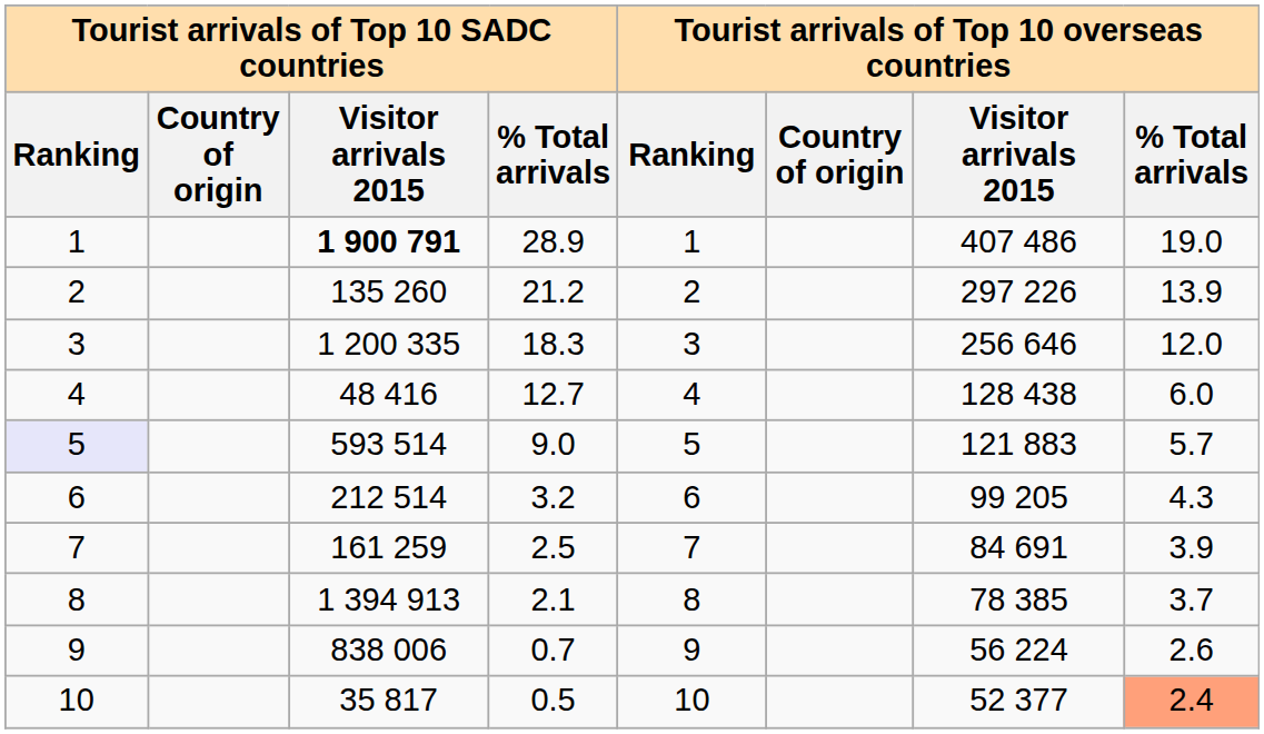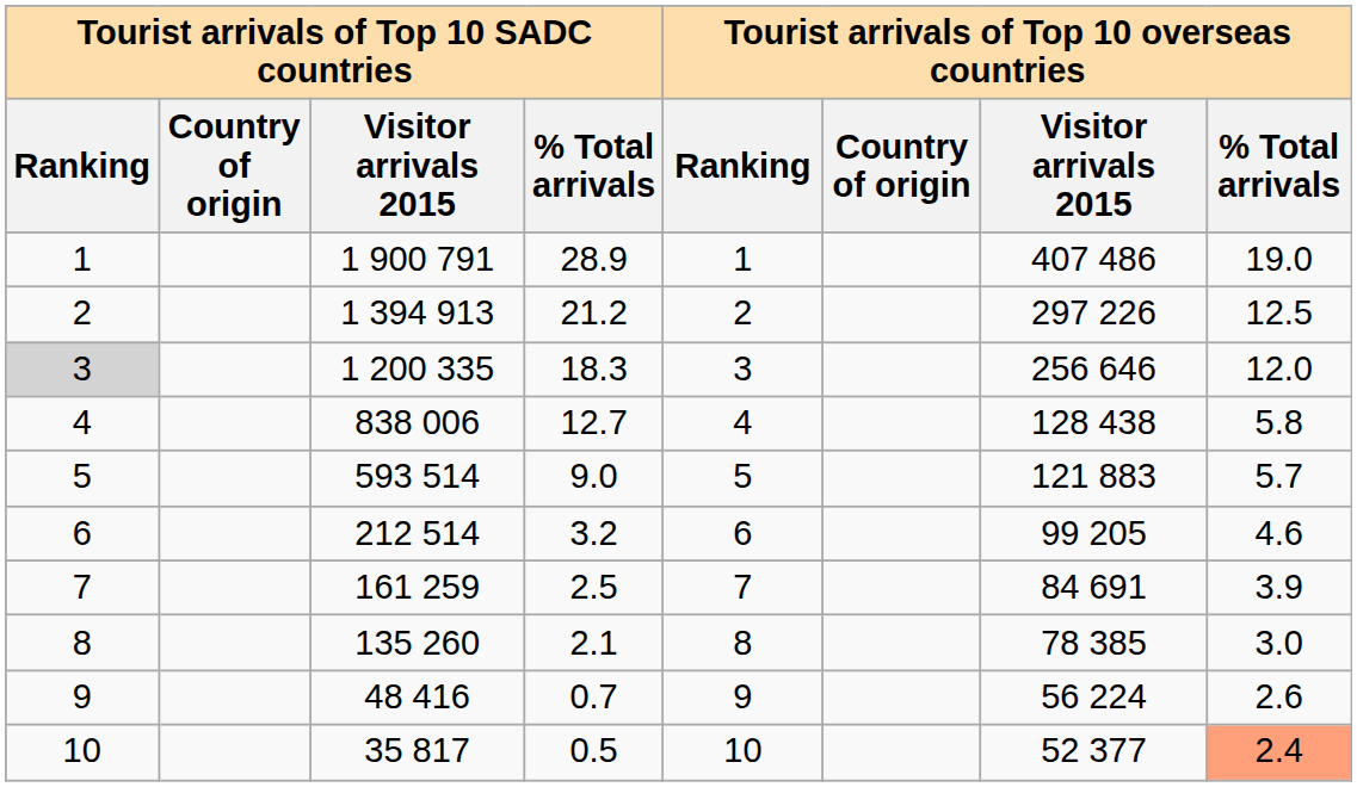 <table class="wikitable" style="margin: 1em auto 1em auto">
 <tr>
 <th colspan="4" align=center style="background-color: #ffdead;">Tourist arrivals of Top 10 SADC countries</th>
 <th colspan="4" align=center style="background-color: #ffdead;">Tourist arrivals of Top 10 overseas countries</th>
 </tr>
 <tr>
 <th>Ranking</th>
 <th>Country<br>of origin</th>
 <th>Visitor arrivals<br>2015</th>
 <th>% Total<br>arrivals</th>
 <th>Ranking</th>
 <th>Country<br>of origin</th>
 <th>Visitor arrivals<br>2015</th>
 <th>% Total<br>arrivals</th>
 </tr>
 <tr align=center>
 <td>1</td>
 <td align=left></td>
-<td><strong>1 900 791</strong></td>
+<td>1 900 791</td>
 <td>28.9</td>
 <td>1</td>
 <td align=left></td>
 <td>407 486</td>
 <td>19.0</td>
 </tr>
 <tr align=center>
 <td>2</td>
 <td align=left></td>
-<td>135 260</td>
+<td>1 394 913</td>
 <td>21.2</td>
 <td>2</td>
 <td align=left></td>
 <td>297 226</td>
-<td>13.9</td>
+<td>12.5</td>
 </tr>
 <tr align=center>
-<td>3</td>
+<td style="background: lightgrey;">3</td>
 <td align=left></td>
 <td>1 200 335</td>
 <td>18.3</td>
 <td>3</td>
 <td align=left></td>
 <td>256 646</td>
 <td>12.0</td>
 </tr>
 <tr align=center>
 <td>4</td>
 <td align=left></td>
-<td>48 416</td>
+<td>838 006</td>
 <td>12.7</td>
 <td>4</td>
 <td align=left></td>
 <td>128 438</td>
-<td>6.0</td>
+<td>5.8</td>
 </tr>
 <tr align=center>
-<td style="background: lavender;">5</td>
+<td>5</td>
 <td align=left></td>
 <td>593 514</td>
 <td>9.0</td>
 <td>5</td>
 <td align=left></td>
 <td>121 883</td>
 <td>5.7</td>
 </tr>
 <tr align=center>
 <td>6</td>
 <td align=left></td>
 <td>212 514</td>
 <td>3.2</td>
 <td>6</td>
 <td align=left></td>
 <td>99 205</td>
-<td>4.3</td>
+<td>4.6</td>
 </tr>
 <tr align=center>
 <td>7</td>
 <td align=left></td>
 <td>161 259</td>
 <td>2.5</td>
 <td>7</td>
 <td align=left></td>
 <td>84 691</td>
 <td>3.9</td>
 </tr>
 <tr align=center>
 <td>8</td>
 <td align=left></td>
-<td>1 394 913</td>
+<td>135 260</td>
 <td>2.1</td>
 <td>8</td>
 <td align=left></td>
 <td>78 385</td>
-<td>3.7</td>
+<td>3.0</td>
 </tr>
 <tr align=center>
 <td>9</td>
 <td align=left></td>
-<td>838 006</td>
+<td>48 416</td>
 <td>0.7</td>
 <td>9</td>
 <td align=left></td>
 <td>56 224</td>
 <td>2.6</td>
 </tr>
 <tr align=center>
 <td>10</td>
 <td align=left></td>
 <td>35 817</td>
 <td>0.5</td>
 <td>10</td>
 <td align=left></td>
 <td>52 377</td>
 <td style="background: lightsalmon;">2.4</td>
 </tr>
 </table>
